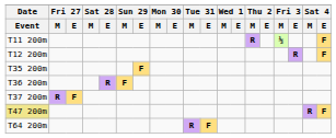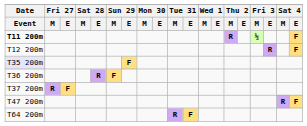 <table class="wikitable" style="margin:0.5em auto; font-size:90%; line-height:1.25em;">
 <tr align="center">
 </tr>
 <tr>
 <th>Date</th>
 <th colspan="2">Fri 27</th>
 <th colspan="2">Sat 28</th>
 <th colspan="2">Sun 29</th>
 <th colspan="2">Mon 30</th>
 <th colspan="2">Tue 31</th>
 <th colspan="2">Wed 1</th>
 <th colspan="2">Thu 2</th>
 <th colspan="2">Fri 3</th>
 <th colspan="2">Sat 4</th>
 </tr>
 <tr>
 <th>Event</th>
 <th>M</th>
 <th>E</th>
 <th>M</th>
 <th>E</th>
 <th>M</th>
 <th>E</th>
 <th>M</th>
 <th>E</th>
 <th>M</th>
 <th>E</th>
 <th>M</th>
 <th>E</th>
 <th>M</th>
 <th>E</th>
 <th>M</th>
 <th>E</th>
 <th>M</th>
 <th>E</th>
 </tr>
 <tr align="center">
-<td align="left">T11 200m</td>
+<td align="left"><strong>T11 200m</strong></td>
 <td colspan="2"></td>
 <td colspan="2"></td>
 <td colspan="2"></td>
 <td colspan="2"></td>
 <td colspan="2"></td>
 <td colspan="2"></td>
 <td bgcolor="#D0A9F5"><strong>R</strong></td>
 <td></td>
 <td bgcolor="#D9FFB2"><strong>½</strong></td>
 <td></td>
 <td></td>
 <td bgcolor="#FFDF80"><strong>F</strong></td>
 </tr>
 <tr align="center">
 <td align="left">T12 200m</td>
 <td colspan="2"></td>
 <td colspan="2"></td>
 <td colspan="2"></td>
 <td colspan="2"></td>
 <td colspan="2"></td>
 <td colspan="2"></td>
 <td colspan="2"></td>
 <td></td>
 <td bgcolor="#D0A9F5"><strong>R</strong></td>
 <td></td>
 <td bgcolor="#FFDF80"><strong>F</strong></td>
 </tr>
 <tr align="center">
-<td align="left">T35 200m</td>
+<td align="left" style="background: lavender;">T35 200m</td>
 <td colspan="2"></td>
 <td colspan="2"></td>
 <td></td>
 <td bgcolor="#FFDF80"><strong>F</strong></td>
 <td colspan="2"></td>
 <td colspan="2"></td>
 <td colspan="2"></td>
 <td colspan="2"></td>
 <td colspan="2"></td>
 <td colspan="2"></td>
 </tr>
 <tr align="center">
 <td align="left">T36 200m</td>
 <td colspan="2"></td>
 <td></td>
 <td bgcolor="#D0A9F5"><strong>R</strong></td>
 <td bgcolor="#FFDF80"><strong>F</strong></td>
 <td></td>
 <td colspan="2"></td>
 <td colspan="2"></td>
 <td colspan="2"></td>
 <td colspan="2"></td>
 <td colspan="2"></td>
 <td colspan="2"></td>
 </tr>
 <tr align="center">
 <td align="left">T37 200m</td>
 <td bgcolor="#D0A9F5"><strong>R</strong></td>
 <td bgcolor="#FFDF80"><strong>F</strong></td>
 <td colspan="2"></td>
 <td colspan="2"></td>
 <td colspan="2"></td>
 <td colspan="2"></td>
 <td colspan="2"></td>
 <td colspan="2"></td>
 <td colspan="2"></td>
 <td colspan="2"></td>
 </tr>
 <tr align="center">
-<td align="left" style="background: khaki;">T47 200m</td>
+<td align="left">T47 200m</td>
 <td colspan="2"></td>
 <td colspan="2"></td>
 <td colspan="2"></td>
 <td colspan="2"></td>
 <td colspan="2"></td>
 <td colspan="2"></td>
 <td colspan="2"></td>
 <td colspan="2"></td>
 <td bgcolor="#D0A9F5"><strong>R</strong></td>
 <td bgcolor="#FFDF80"><strong>F</strong></td>
 </tr>
 <tr align="center">
 <td align="left">T64 200m</td>
 <td colspan="2"></td>
 <td colspan="2"></td>
 <td colspan="2"></td>
 <td colspan="2"></td>
 <td bgcolor="#D0A9F5"><strong>R</strong></td>
 <td bgcolor="#FFDF80"><strong>F</strong></td>
 <td colspan="2"></td>
 <td colspan="2"></td>
 <td colspan="2"></td>
 <td colspan="2"></td>
 </tr>
 </table>
